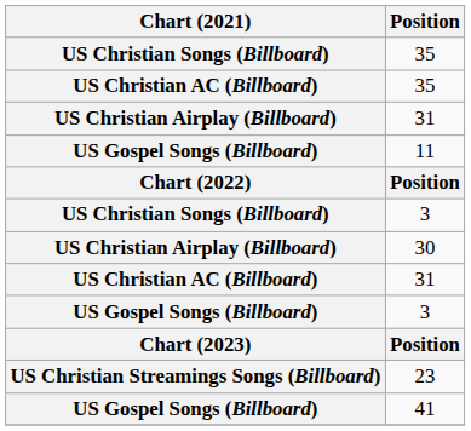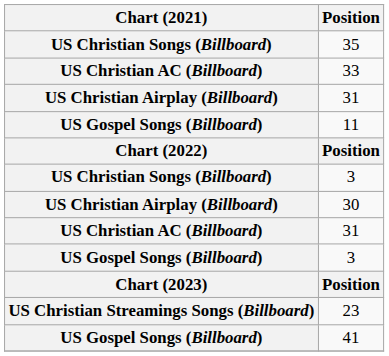 <table class="wikitable plainrowheaders" style="text-align:center">
 <tr>
 <th scope="col">Chart (2021)</th>
 <th scope="col">Position</th>
 </tr>
 <tr>
 <th scope="row">US Christian Songs (<em>Billboard</em>)</th>
 <td>35</td>
 </tr>
 <tr>
 <th scope="row">US Christian AC (<em>Billboard</em>)</th>
-<td>35</td>
+<td>33</td>
 </tr>
 <tr>
 <th scope="row">US Christian Airplay (<em>Billboard</em>)</th>
 <td>31</td>
 </tr>
 <tr>
 <th scope="row">US Gospel Songs (<em>Billboard</em>)</th>
 <td>11</td>
 </tr>
 <tr>
 <th scope="col">Chart (2022)</th>
 <th scope="col">Position</th>
 </tr>
 <tr>
 <th scope="row">US Christian Songs (<em>Billboard</em>)</th>
 <td>3</td>
 </tr>
 <tr>
 <th scope="row">US Christian Airplay (<em>Billboard</em>)</th>
 <td>30</td>
 </tr>
 <tr>
 <th scope="row">US Christian AC (<em>Billboard</em>)</th>
 <td>31</td>
 </tr>
 <tr>
 <th scope="row">US Gospel Songs (<em>Billboard</em>)</th>
 <td>3</td>
 </tr>
 <tr>
 <th scope="col">Chart (2023)</th>
 <th scope="col">Position</th>
 </tr>
 <tr>
 <th scope="row">US Christian Streamings Songs (<em>Billboard</em>)</th>
 <td>23</td>
 </tr>
 <tr>
 <th scope="row">US Gospel Songs (<em>Billboard</em>)</th>
 <td>41</td>
 </tr>
 <tr>
 </tr>
 </table>
